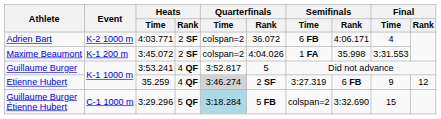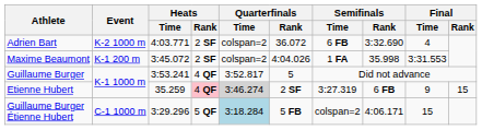 <table class=wikitable style="font-size:90%">
 <tr>
 <th rowspan="2">Athlete</th>
 <th rowspan="2">Event</th>
 <th colspan=2>Heats</th>
 <th colspan=2>Quarterfinals</th>
 <th colspan=2>Semifinals</th>
 <th colspan=2>Final</th>
 </tr>
 <tr style="font-size:95%">
 <th>Time</th>
 <th>Rank</th>
 <th>Time</th>
 <th>Rank</th>
 <th>Time</th>
 <th>Rank</th>
 <th>Time</th>
 <th>Rank</th>
 </tr>
 <tr align=center>
 <td align=left><a href='#'>Adrien Bart</a></td>
 <td align=left><a href='#'>K-2 1000 m</a></td>
 <td>4:03.771</td>
 <td>2 <strong>SF</strong></td>
 <td>colspan=2 </td>
 <td>36.072</td>
 <td>6 <strong>FB</strong></td>
-<td>4:06.171</td>
+<td>3:32.690</td>
 <td>4</td>
 </tr>
 <tr align=center>
 <td align=left><a href='#'>Maxime Beaumont</a></td>
 <td align=left><a href='#'>K-1 200 m</a></td>
 <td>3:45.072</td>
 <td>2 <strong>SF</strong></td>
 <td>colspan=2 </td>
 <td>4:04.026</td>
 <td>1 <strong>FA</strong></td>
 <td>35.998</td>
 <td>3:31.553</td>
 </tr>
 <tr align=center>
 <td align=left><a href='#'>Guillaume Burger</a></td>
 <td align=left rowspan=2><a href='#'>K-1 1000 m</a></td>
 <td>3:53.241</td>
 <td>4 <strong>QF</strong></td>
 <td>3:52.817</td>
 <td>5</td>
 <td colspan=4>Did not advance</td>
 </tr>
 <tr align=center>
 <td align=left><a href='#'>Etienne Hubert</a></td>
 <td>35.259</td>
-<td>4 <strong>QF</strong></td>
+<td style="background: pink;">4 <strong>QF</strong></td>
 <td style="background: lightgrey;">3:46.274</td>
 <td>2 <strong>SF</strong></td>
 <td>3:27.319</td>
 <td>6 <strong>FB</strong></td>
 <td>9</td>
-<td>12</td>
+<td>15</td>
 </tr>
 <tr align=center>
 <td align=left><a href='#'>Guillaume Burger</a><br><a href='#'>Étienne Hubert</a></td>
 <td align=left><a href='#'>C-1 1000 m</a></td>
 <td>3:29.296</td>
 <td>5 <strong>QF</strong></td>
 <td style="background: lightblue;">3:18.284</td>
 <td>5 <strong>FB</strong></td>
 <td>colspan=2 </td>
-<td>3:32.690</td>
+<td>4:06.171</td>
 <td>15</td>
 </tr>
 </table>
